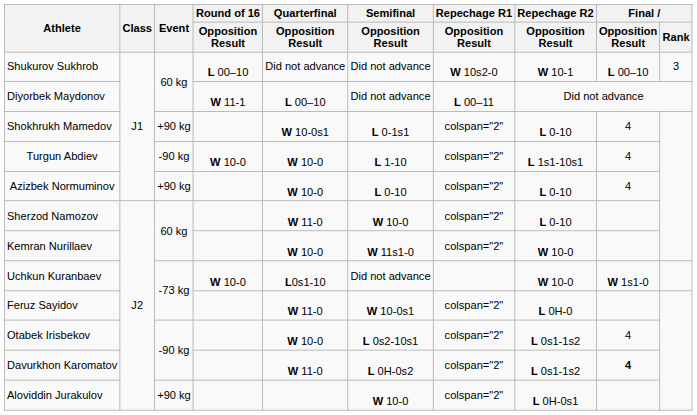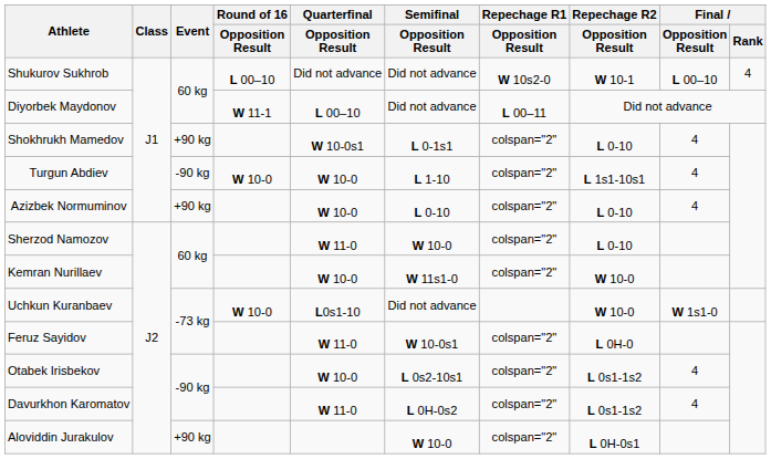 <table class="wikitable" style="text-align:center; font-size:90%">
 <tr>
 <th rowspan="2">Athlete</th>
 <th rowspan="2">Class</th>
 <th rowspan="2">Event</th>
 <th>Round of 16</th>
 <th>Quarterfinal</th>
 <th>Semifinal</th>
 <th>Repechage R1</th>
 <th>Repechage R2</th>
 <th colspan="2">Final / </th>
 </tr>
 <tr>
 <th>Opposition<br>Result</th>
 <th>Opposition<br>Result</th>
 <th>Opposition<br>Result</th>
 <th>Opposition<br>Result</th>
 <th>Opposition<br>Result</th>
 <th>Opposition<br>Result</th>
 <th>Rank</th>
 </tr>
 <tr>
 <td align="left">Shukurov Sukhrob</td>
 <td rowspan="5">J1</td>
 <td rowspan="2">60 kg</td>
 <td><br><strong>L</strong> 00–10</td>
 <td>Did not advance</td>
 <td>Did not advance</td>
 <td><br><strong>W</strong> 10s2-0</td>
 <td><br><strong>W</strong> 10-1</td>
 <td><br><strong>L</strong> 00–10</td>
-<td>3</td>
+<td>4</td>
 </tr>
 <tr>
 <td align="left">Diyorbek Maydonov</td>
 <td><br><strong>W</strong> 11-1</td>
 <td><br><strong>L</strong> 00–10</td>
 <td>Did not advance</td>
 <td><br><strong>L</strong> 00–11</td>
 <td colspan="3">Did not advance</td>
 </tr>
 <tr>
 <td align="left">Shokhrukh Mamedov</td>
 <td>+90 kg</td>
 <td></td>
 <td><br><strong>W</strong> 10-0s1</td>
 <td><br><strong>L</strong> 0-1s1</td>
 <td>colspan="2" </td>
 <td><br><strong>L</strong> 0-10</td>
 <td>4</td>
 </tr>
 <tr>
 <td>Turgun Abdiev</td>
 <td>-90 kg</td>
 <td><br><strong>W</strong> 10-0</td>
 <td><br><strong>W</strong> 10-0</td>
 <td><br><strong>L</strong> 1-10</td>
 <td>colspan="2" </td>
 <td><br><strong>L</strong> 1s1-10s1</td>
 <td>4</td>
 </tr>
 <tr>
 <td>Azizbek Normuminov</td>
 <td>+90 kg</td>
 <td></td>
 <td><br><strong>W</strong> 10-0</td>
 <td><br><strong>L</strong> 0-10</td>
 <td>colspan="2" </td>
 <td><br><strong>L</strong> 0-10</td>
 <td>4</td>
 </tr>
 <tr>
 <td align="left">Sherzod Namozov</td>
 <td rowspan="7">J2</td>
 <td rowspan="2">60 kg</td>
 <td></td>
 <td><br><strong>W</strong> 11-0</td>
 <td><br><strong>W</strong> 10-0</td>
 <td>colspan="2" </td>
 <td><br><strong>L</strong> 0-10</td>
 <td></td>
 </tr>
 <tr>
 <td align="left">Kemran Nurillaev</td>
 <td></td>
 <td><br><strong>W</strong> 10-0</td>
 <td><br><strong>W</strong> 11s1-0</td>
 <td>colspan="2" </td>
 <td><br><strong>W</strong> 10-0</td>
 <td></td>
 </tr>
 <tr>
 <td align="left">Uchkun Kuranbaev</td>
 <td rowspan="2">-73 kg</td>
 <td><br><strong>W</strong> 10-0</td>
 <td><br><strong>L</strong>0s1-10</td>
 <td>Did not advance</td>
 <td></td>
 <td><br><strong>W</strong> 10-0</td>
 <td><br><strong>W</strong> 1s1-0</td>
 <td></td>
 </tr>
 <tr>
 <td align="left">Feruz Sayidov</td>
 <td></td>
 <td><br><strong>W</strong> 11-0</td>
 <td><br><strong>W</strong> 10-0s1</td>
 <td>colspan="2" </td>
 <td><br><strong>L</strong> 0H-0</td>
 <td></td>
 </tr>
 <tr>
 <td align="left">Otabek Irisbekov</td>
 <td rowspan="2">-90 kg</td>
 <td></td>
 <td><br><strong>W</strong> 10-0</td>
 <td><br><strong>L</strong> 0s2-10s1</td>
 <td>colspan="2" </td>
 <td><br><strong>L</strong> 0s1-1s2</td>
 <td>4</td>
 </tr>
 <tr>
 <td align="left">Davurkhon Karomatov</td>
 <td></td>
 <td><br><strong>W</strong> 11-0</td>
 <td><br><strong>L</strong> 0H-0s2</td>
 <td>colspan="2" </td>
 <td><br><strong>L</strong> 0s1-1s2</td>
-<td><strong>4</strong></td>
+<td>4</td>
 </tr>
 <tr>
 <td align="left">Aloviddin Jurakulov</td>
 <td>+90 kg</td>
 <td></td>
 <td></td>
 <td><br><strong>W</strong> 10-0</td>
 <td>colspan="2" </td>
 <td><br><strong>L</strong> 0H-0s1</td>
 <td></td>
 </tr>
 </table>
